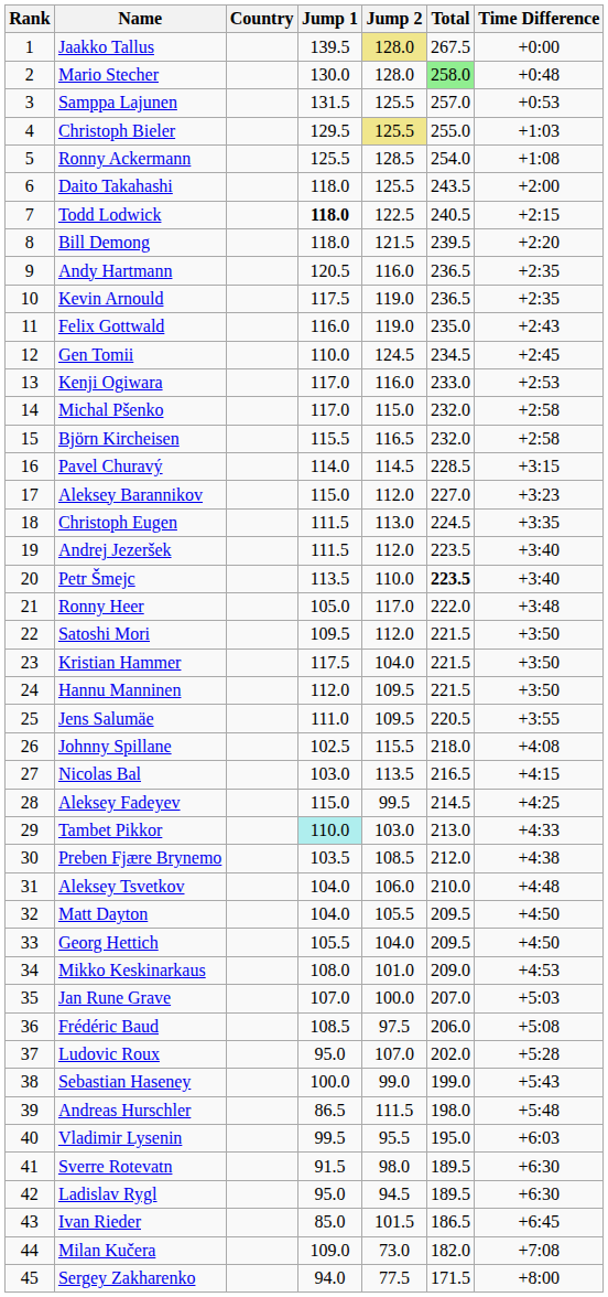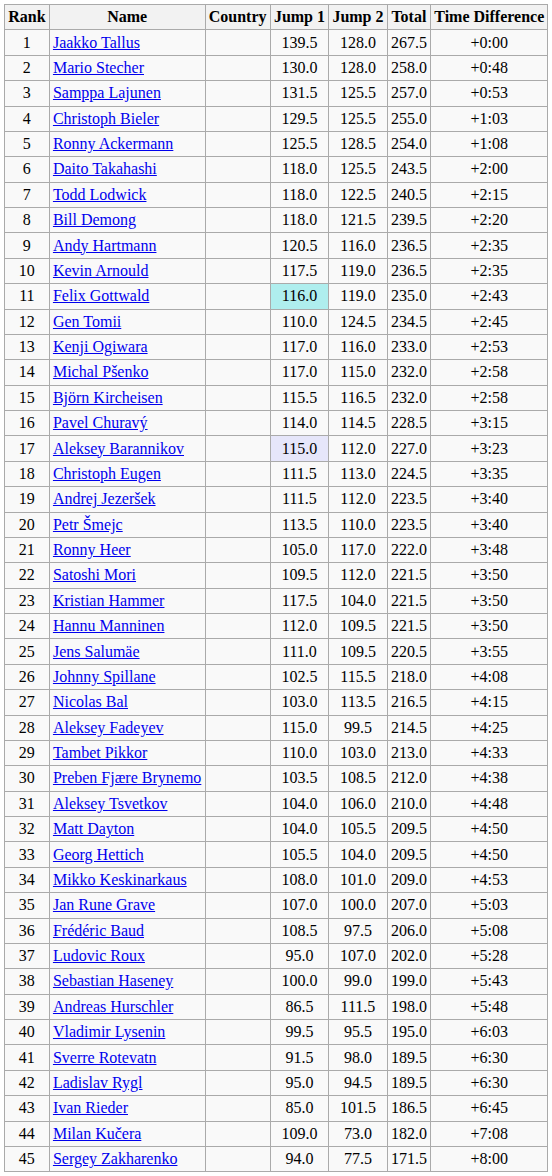 <table class="wikitable sortable" style="text-align:center">
 <tr>
 <th>Rank</th>
 <th>Name</th>
 <th>Country</th>
 <th>Jump 1</th>
 <th>Jump 2</th>
 <th>Total</th>
 <th>Time Difference</th>
 </tr>
 <tr>
 <td>1</td>
 <td align=left><a href='#'>Jaakko Tallus</a></td>
 <td align=left></td>
 <td>139.5</td>
-<td style="background: khaki;">128.0</td>
+<td>128.0</td>
 <td>267.5</td>
 <td>+0:00</td>
 </tr>
 <tr>
 <td>2</td>
 <td align=left><a href='#'>Mario Stecher</a></td>
 <td align=left></td>
 <td>130.0</td>
 <td>128.0</td>
-<td style="background: lightgreen;">258.0</td>
+<td>258.0</td>
 <td>+0:48</td>
 </tr>
 <tr>
 <td>3</td>
 <td align=left><a href='#'>Samppa Lajunen</a></td>
 <td align=left></td>
 <td>131.5</td>
 <td>125.5</td>
 <td>257.0</td>
 <td>+0:53</td>
 </tr>
 <tr>
 <td>4</td>
 <td align=left><a href='#'>Christoph Bieler</a></td>
 <td align=left></td>
 <td>129.5</td>
-<td style="background: khaki;">125.5</td>
+<td>125.5</td>
 <td>255.0</td>
 <td>+1:03</td>
 </tr>
 <tr>
 <td>5</td>
 <td align=left><a href='#'>Ronny Ackermann</a></td>
 <td align=left></td>
 <td>125.5</td>
 <td>128.5</td>
 <td>254.0</td>
 <td>+1:08</td>
 </tr>
 <tr>
 <td>6</td>
 <td align=left><a href='#'>Daito Takahashi</a></td>
 <td align=left></td>
 <td>118.0</td>
 <td>125.5</td>
 <td>243.5</td>
 <td>+2:00</td>
 </tr>
 <tr>
 <td>7</td>
 <td align=left><a href='#'>Todd Lodwick</a></td>
 <td align=left></td>
-<td><strong>118.0</strong></td>
+<td>118.0</td>
 <td>122.5</td>
 <td>240.5</td>
 <td>+2:15</td>
 </tr>
 <tr>
 <td>8</td>
 <td align=left><a href='#'>Bill Demong</a></td>
 <td align=left></td>
 <td>118.0</td>
 <td>121.5</td>
 <td>239.5</td>
 <td>+2:20</td>
 </tr>
 <tr>
 <td>9</td>
 <td align=left><a href='#'>Andy Hartmann</a></td>
 <td align=left></td>
 <td>120.5</td>
 <td>116.0</td>
 <td>236.5</td>
 <td>+2:35</td>
 </tr>
 <tr>
 <td>10</td>
 <td align=left><a href='#'>Kevin Arnould</a></td>
 <td align=left></td>
 <td>117.5</td>
 <td>119.0</td>
 <td>236.5</td>
 <td>+2:35</td>
 </tr>
 <tr>
 <td>11</td>
 <td align=left><a href='#'>Felix Gottwald</a></td>
 <td align=left></td>
-<td>116.0</td>
+<td style="background: paleturquoise;">116.0</td>
 <td>119.0</td>
 <td>235.0</td>
 <td>+2:43</td>
 </tr>
 <tr>
 <td>12</td>
 <td align=left><a href='#'>Gen Tomii</a></td>
 <td align=left></td>
 <td>110.0</td>
 <td>124.5</td>
 <td>234.5</td>
 <td>+2:45</td>
 </tr>
 <tr>
 <td>13</td>
 <td align=left><a href='#'>Kenji Ogiwara</a></td>
 <td align=left></td>
 <td>117.0</td>
 <td>116.0</td>
 <td>233.0</td>
 <td>+2:53</td>
 </tr>
 <tr>
 <td>14</td>
 <td align=left><a href='#'>Michal Pšenko</a></td>
 <td align=left></td>
 <td>117.0</td>
 <td>115.0</td>
 <td>232.0</td>
 <td>+2:58</td>
 </tr>
 <tr>
 <td>15</td>
 <td align=left><a href='#'>Björn Kircheisen</a></td>
 <td align=left></td>
 <td>115.5</td>
 <td>116.5</td>
 <td>232.0</td>
 <td>+2:58</td>
 </tr>
 <tr>
 <td>16</td>
 <td align=left><a href='#'>Pavel Churavý</a></td>
 <td align=left></td>
 <td>114.0</td>
 <td>114.5</td>
 <td>228.5</td>
 <td>+3:15</td>
 </tr>
 <tr>
 <td>17</td>
 <td align=left><a href='#'>Aleksey Barannikov</a></td>
 <td align=left></td>
-<td>115.0</td>
+<td style="background: lavender;">115.0</td>
 <td>112.0</td>
 <td>227.0</td>
 <td>+3:23</td>
 </tr>
 <tr>
 <td>18</td>
 <td align=left><a href='#'>Christoph Eugen</a></td>
 <td align=left></td>
 <td>111.5</td>
 <td>113.0</td>
 <td>224.5</td>
 <td>+3:35</td>
 </tr>
 <tr>
 <td>19</td>
 <td align=left><a href='#'>Andrej Jezeršek</a></td>
 <td align=left></td>
 <td>111.5</td>
 <td>112.0</td>
 <td>223.5</td>
 <td>+3:40</td>
 </tr>
 <tr>
 <td>20</td>
 <td align=left><a href='#'>Petr Šmejc</a></td>
 <td align=left></td>
 <td>113.5</td>
 <td>110.0</td>
-<td><strong>223.5</strong></td>
+<td>223.5</td>
 <td>+3:40</td>
 </tr>
 <tr>
 <td>21</td>
 <td align=left><a href='#'>Ronny Heer</a></td>
 <td align=left></td>
 <td>105.0</td>
 <td>117.0</td>
 <td>222.0</td>
 <td>+3:48</td>
 </tr>
 <tr>
 <td>22</td>
 <td align=left><a href='#'>Satoshi Mori</a></td>
 <td align=left></td>
 <td>109.5</td>
 <td>112.0</td>
 <td>221.5</td>
 <td>+3:50</td>
 </tr>
 <tr>
 <td>23</td>
 <td align=left><a href='#'>Kristian Hammer</a></td>
 <td align=left></td>
 <td>117.5</td>
 <td>104.0</td>
 <td>221.5</td>
 <td>+3:50</td>
 </tr>
 <tr>
 <td>24</td>
 <td align=left><a href='#'>Hannu Manninen</a></td>
 <td align=left></td>
 <td>112.0</td>
 <td>109.5</td>
 <td>221.5</td>
 <td>+3:50</td>
 </tr>
 <tr>
 <td>25</td>
 <td align=left><a href='#'>Jens Salumäe</a></td>
 <td align=left></td>
 <td>111.0</td>
 <td>109.5</td>
 <td>220.5</td>
 <td>+3:55</td>
 </tr>
 <tr>
 <td>26</td>
 <td align=left><a href='#'>Johnny Spillane</a></td>
 <td align=left></td>
 <td>102.5</td>
 <td>115.5</td>
 <td>218.0</td>
 <td>+4:08</td>
 </tr>
 <tr>
 <td>27</td>
 <td align=left><a href='#'>Nicolas Bal</a></td>
 <td align=left></td>
 <td>103.0</td>
 <td>113.5</td>
 <td>216.5</td>
 <td>+4:15</td>
 </tr>
 <tr>
 <td>28</td>
 <td align=left><a href='#'>Aleksey Fadeyev</a></td>
 <td align=left></td>
 <td>115.0</td>
 <td>99.5</td>
 <td>214.5</td>
 <td>+4:25</td>
 </tr>
 <tr>
 <td>29</td>
 <td align=left><a href='#'>Tambet Pikkor</a></td>
 <td align=left></td>
-<td style="background: paleturquoise;">110.0</td>
+<td>110.0</td>
 <td>103.0</td>
 <td>213.0</td>
 <td>+4:33</td>
 </tr>
 <tr>
 <td>30</td>
 <td align=left><a href='#'>Preben Fjære Brynemo</a></td>
 <td align=left></td>
 <td>103.5</td>
 <td>108.5</td>
 <td>212.0</td>
 <td>+4:38</td>
 </tr>
 <tr>
 <td>31</td>
 <td align=left><a href='#'>Aleksey Tsvetkov</a></td>
 <td align=left></td>
 <td>104.0</td>
 <td>106.0</td>
 <td>210.0</td>
 <td>+4:48</td>
 </tr>
 <tr>
 <td>32</td>
 <td align=left><a href='#'>Matt Dayton</a></td>
 <td align=left></td>
 <td>104.0</td>
 <td>105.5</td>
 <td>209.5</td>
 <td>+4:50</td>
 </tr>
 <tr>
 <td>33</td>
 <td align=left><a href='#'>Georg Hettich</a></td>
 <td align=left></td>
 <td>105.5</td>
 <td>104.0</td>
 <td>209.5</td>
 <td>+4:50</td>
 </tr>
 <tr>
 <td>34</td>
 <td align=left><a href='#'>Mikko Keskinarkaus</a></td>
 <td align=left></td>
 <td>108.0</td>
 <td>101.0</td>
 <td>209.0</td>
 <td>+4:53</td>
 </tr>
 <tr>
 <td>35</td>
 <td align=left><a href='#'>Jan Rune Grave</a></td>
 <td align=left></td>
 <td>107.0</td>
 <td>100.0</td>
 <td>207.0</td>
 <td>+5:03</td>
 </tr>
 <tr>
 <td>36</td>
 <td align=left><a href='#'>Frédéric Baud</a></td>
 <td align=left></td>
 <td>108.5</td>
 <td>97.5</td>
 <td>206.0</td>
 <td>+5:08</td>
 </tr>
 <tr>
 <td>37</td>
 <td align=left><a href='#'>Ludovic Roux</a></td>
 <td align=left></td>
 <td>95.0</td>
 <td>107.0</td>
 <td>202.0</td>
 <td>+5:28</td>
 </tr>
 <tr>
 <td>38</td>
 <td align=left><a href='#'>Sebastian Haseney</a></td>
 <td align=left></td>
 <td>100.0</td>
 <td>99.0</td>
 <td>199.0</td>
 <td>+5:43</td>
 </tr>
 <tr>
 <td>39</td>
 <td align=left><a href='#'>Andreas Hurschler</a></td>
 <td align=left></td>
 <td>86.5</td>
 <td>111.5</td>
 <td>198.0</td>
 <td>+5:48</td>
 </tr>
 <tr>
 <td>40</td>
 <td align=left><a href='#'>Vladimir Lysenin</a></td>
 <td align=left></td>
 <td>99.5</td>
 <td>95.5</td>
 <td>195.0</td>
 <td>+6:03</td>
 </tr>
 <tr>
 <td>41</td>
 <td align=left><a href='#'>Sverre Rotevatn</a></td>
 <td align=left></td>
 <td>91.5</td>
 <td>98.0</td>
 <td>189.5</td>
 <td>+6:30</td>
 </tr>
 <tr>
 <td>42</td>
 <td align=left><a href='#'>Ladislav Rygl</a></td>
 <td align=left></td>
 <td>95.0</td>
 <td>94.5</td>
 <td>189.5</td>
 <td>+6:30</td>
 </tr>
 <tr>
 <td>43</td>
 <td align=left><a href='#'>Ivan Rieder</a></td>
 <td align=left></td>
 <td>85.0</td>
 <td>101.5</td>
 <td>186.5</td>
 <td>+6:45</td>
 </tr>
 <tr>
 <td>44</td>
 <td align=left><a href='#'>Milan Kučera</a></td>
 <td align=left></td>
 <td>109.0</td>
 <td>73.0</td>
 <td>182.0</td>
 <td>+7:08</td>
 </tr>
 <tr>
 <td>45</td>
 <td align=left><a href='#'>Sergey Zakharenko</a></td>
 <td align=left></td>
 <td>94.0</td>
 <td>77.5</td>
 <td>171.5</td>
 <td>+8:00</td>
 </tr>
 </table>
